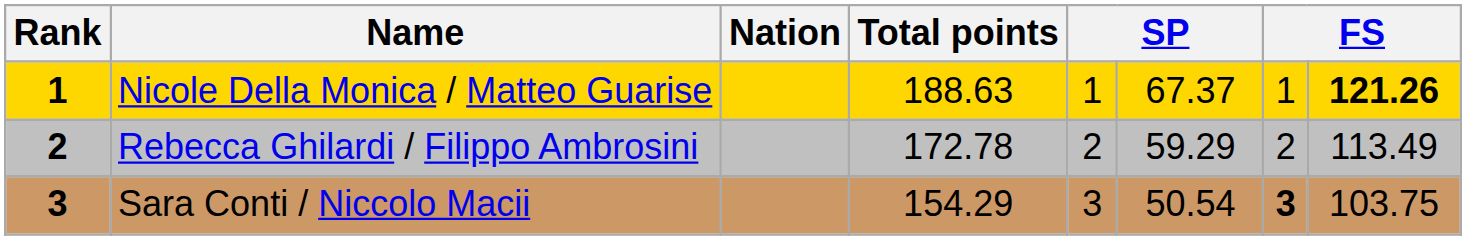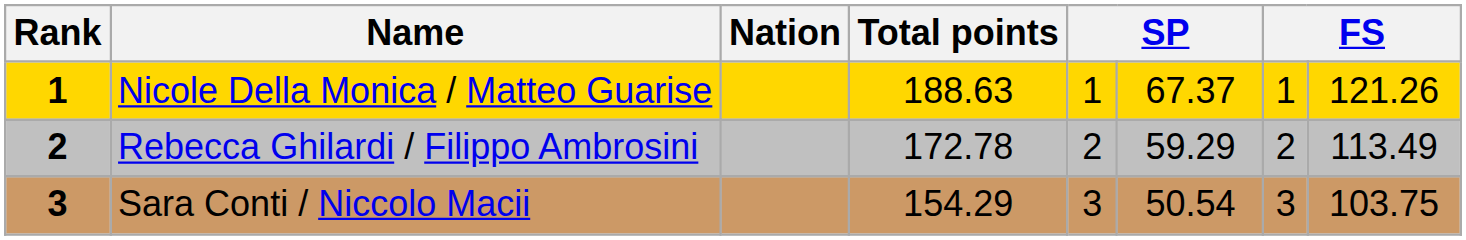 <table class="wikitable sortable">
 <tr>
 <th>Rank</th>
 <th>Name</th>
 <th>Nation</th>
 <th>Total points</th>
 <th colspan="2" width="80px"><a href='#'>SP</a></th>
 <th colspan="2" width="80px"><a href='#'>FS</a></th>
 </tr>
 <tr bgcolor="gold">
 <td align="center"><strong>1</strong></td>
 <td><a href='#'>Nicole Della Monica</a> / <a href='#'>Matteo Guarise</a></td>
 <td></td>
 <td align="center">188.63</td>
 <td align="center">1</td>
 <td align="center">67.37</td>
 <td align="center">1</td>
-<td align="center"><strong>121.26</strong></td>
+<td align="center">121.26</td>
 </tr>
 <tr>
 </tr>
 <tr bgcolor="silver">
 <td align="center"><strong>2</strong></td>
 <td><a href='#'>Rebecca Ghilardi</a> / <a href='#'>Filippo Ambrosini</a></td>
 <td></td>
 <td align="center">172.78</td>
 <td align="center">2</td>
 <td align="center">59.29</td>
 <td align="center">2</td>
 <td align="center">113.49</td>
 </tr>
 <tr>
 </tr>
 <tr bgcolor="cc9966">
 <td align="center"><strong>3</strong></td>
 <td>Sara Conti / <a href='#'>Niccolo Macii</a></td>
 <td></td>
 <td align="center">154.29</td>
 <td align="center">3</td>
 <td align="center">50.54</td>
-<td align="center"><strong>3</strong></td>
+<td align="center">3</td>
 <td align="center">103.75</td>
 </tr>
 </table>
